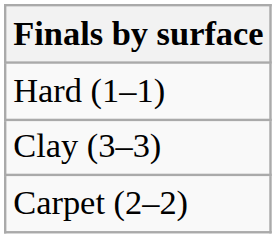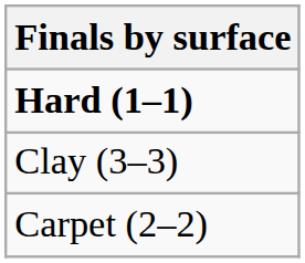 <table class=wikitable style=font-size:90%>
 <tr>
 <th>Finals by surface</th>
 </tr>
 <tr>
-<td>Hard (1–1)</td>
+<td><strong>Hard (1–1)</strong></td>
 </tr>
 <tr>
 <td>Clay (3–3)</td>
 </tr>
 <tr>
 <td>Carpet (2–2)</td>
 </tr>
 </table>
